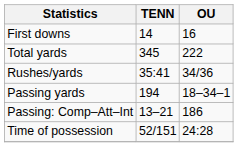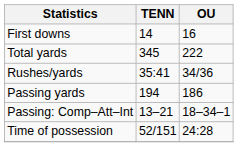 <table class="wikitable" style="float: left;">
 <tr>
 <th>Statistics</th>
 <th>TENN</th>
 <th>OU</th>
 </tr>
 <tr>
 <td>First downs</td>
 <td>14</td>
 <td>16</td>
 </tr>
 <tr>
 <td>Total yards</td>
 <td>345</td>
 <td>222</td>
 </tr>
 <tr>
 <td>Rushes/yards</td>
 <td>35:41</td>
 <td>34/36</td>
 </tr>
 <tr>
 <td>Passing yards</td>
 <td>194</td>
-<td>18–34–1</td>
+<td>186</td>
 </tr>
 <tr>
 <td>Passing: Comp–Att–Int</td>
 <td>13–21</td>
-<td>186</td>
+<td>18–34–1</td>
 </tr>
 <tr>
 <td>Time of possession</td>
 <td>52/151</td>
 <td>24:28</td>
 </tr>
 <tr>
 </tr>
 </table>
